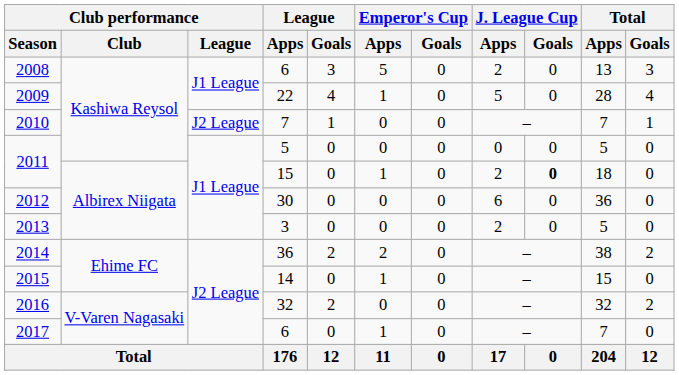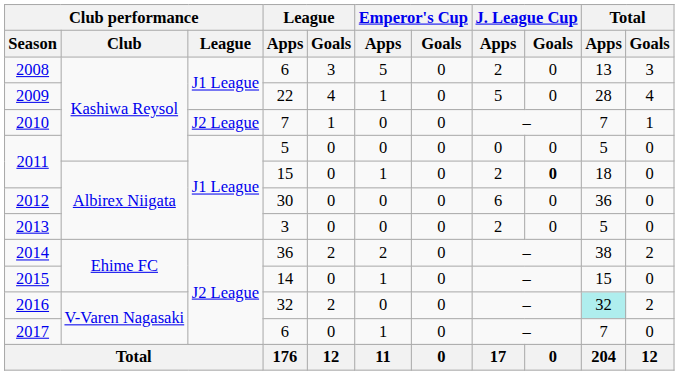 <table class="wikitable" style="text-align: center">
 <tr>
 <th Colspan="3">Club performance</th>
 <th Colspan="2">League</th>
 <th Colspan="2"><a href='#'>Emperor's Cup</a></th>
 <th Colspan="2"><a href='#'>J. League Cup</a></th>
 <th Colspan="2">Total</th>
 </tr>
 <tr>
 <th>Season</th>
 <th>Club</th>
 <th>League</th>
 <th>Apps</th>
 <th>Goals</th>
 <th>Apps</th>
 <th>Goals</th>
 <th>Apps</th>
 <th>Goals</th>
 <th>Apps</th>
 <th>Goals</th>
 </tr>
 <tr>
 <td><a href='#'>2008</a></td>
 <td rowspan="4"><a href='#'>Kashiwa Reysol</a></td>
 <td rowspan="2"><a href='#'>J1 League</a></td>
 <td>6</td>
 <td>3</td>
 <td>5</td>
 <td>0</td>
 <td>2</td>
 <td>0</td>
 <td>13</td>
 <td>3</td>
 </tr>
 <tr>
 <td><a href='#'>2009</a></td>
 <td>22</td>
 <td>4</td>
 <td>1</td>
 <td>0</td>
 <td>5</td>
 <td>0</td>
 <td>28</td>
 <td>4</td>
 </tr>
 <tr>
 <td><a href='#'>2010</a></td>
 <td><a href='#'>J2 League</a></td>
 <td>7</td>
 <td>1</td>
 <td>0</td>
 <td>0</td>
 <td colspan="2">–</td>
 <td>7</td>
 <td>1</td>
 </tr>
 <tr>
 <td rowspan="2"><a href='#'>2011</a></td>
 <td rowspan="4"><a href='#'>J1 League</a></td>
 <td>5</td>
 <td>0</td>
 <td>0</td>
 <td>0</td>
 <td>0</td>
 <td>0</td>
 <td>5</td>
 <td>0</td>
 </tr>
 <tr>
 <td rowspan="3"><a href='#'>Albirex Niigata</a></td>
 <td>15</td>
 <td>0</td>
 <td>1</td>
 <td>0</td>
 <td>2</td>
 <td><strong>0</strong></td>
 <td>18</td>
 <td>0</td>
 </tr>
 <tr>
 <td><a href='#'>2012</a></td>
 <td>30</td>
 <td>0</td>
 <td>0</td>
 <td>0</td>
 <td>6</td>
 <td>0</td>
 <td>36</td>
 <td>0</td>
 </tr>
 <tr>
 <td><a href='#'>2013</a></td>
 <td>3</td>
 <td>0</td>
 <td>0</td>
 <td>0</td>
 <td>2</td>
 <td>0</td>
 <td>5</td>
 <td>0</td>
 </tr>
 <tr>
 <td><a href='#'>2014</a></td>
 <td rowspan="2"><a href='#'>Ehime FC</a></td>
 <td rowspan="4"><a href='#'>J2 League</a></td>
 <td>36</td>
 <td>2</td>
 <td>2</td>
 <td>0</td>
 <td colspan="2">–</td>
 <td>38</td>
 <td>2</td>
 </tr>
 <tr>
 <td><a href='#'>2015</a></td>
 <td>14</td>
 <td>0</td>
 <td>1</td>
 <td>0</td>
 <td colspan="2">–</td>
 <td>15</td>
 <td>0</td>
 </tr>
 <tr>
 <td><a href='#'>2016</a></td>
 <td rowspan="2"><a href='#'>V-Varen Nagasaki</a></td>
 <td>32</td>
 <td>2</td>
 <td>0</td>
 <td>0</td>
 <td colspan="2">–</td>
-<td>32</td>
+<td style="background: paleturquoise;">32</td>
 <td>2</td>
 </tr>
 <tr>
 <td><a href='#'>2017</a></td>
 <td>6</td>
 <td>0</td>
 <td>1</td>
 <td>0</td>
 <td colspan="2">–</td>
 <td>7</td>
 <td>0</td>
 </tr>
 <tr>
 <th colspan=3>Total</th>
 <th>176</th>
 <th>12</th>
 <th>11</th>
 <th>0</th>
 <th>17</th>
 <th>0</th>
 <th>204</th>
 <th>12</th>
 </tr>
 </table>
